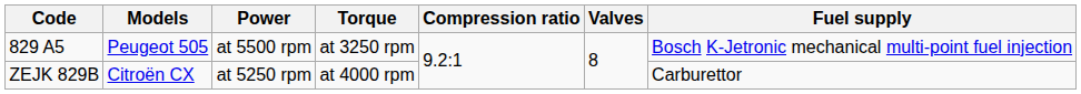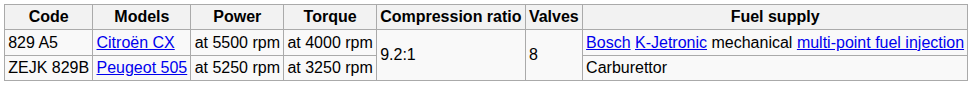 <table class="wikitable">
 <tr>
 <th>Code</th>
 <th>Models</th>
 <th>Power</th>
 <th>Torque</th>
 <th>Compression ratio</th>
 <th>Valves</th>
 <th>Fuel supply</th>
 </tr>
 <tr>
 <td>829 A5</td>
-<td><a href='#'>Peugeot 505</a></td>
+<td><a href='#'>Citroën CX</a></td>
 <td> at 5500 rpm</td>
-<td> at 3250 rpm</td>
+<td> at 4000 rpm</td>
 <td rowspan=2>9.2:1</td>
 <td rowspan=2>8</td>
 <td><a href='#'>Bosch</a> <a href='#'>K-Jetronic</a> mechanical <a href='#'>multi-point fuel injection</a></td>
 </tr>
 <tr>
 <td>ZEJK 829B</td>
-<td><a href='#'>Citroën CX</a></td>
+<td><a href='#'>Peugeot 505</a></td>
 <td> at 5250 rpm</td>
-<td> at 4000 rpm</td>
+<td> at 3250 rpm</td>
 <td>Carburettor</td>
 </tr>
 </table>
